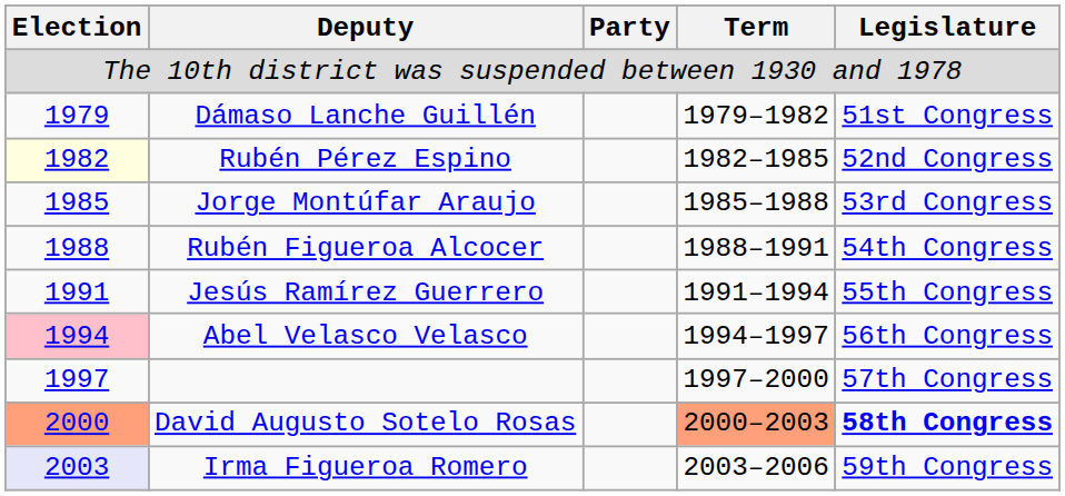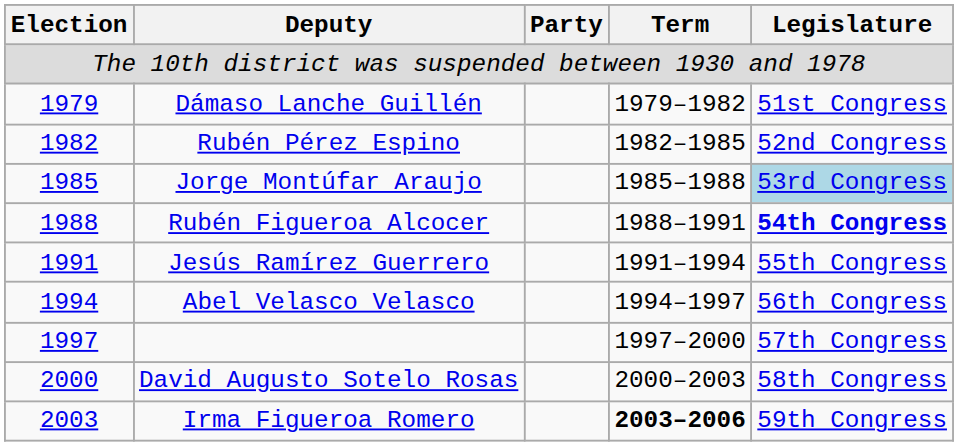 <table class="wikitable" style="text-align: center">
 <tr>
 <th>Election</th>
 <th>Deputy</th>
 <th>Party</th>
 <th>Term</th>
 <th>Legislature</th>
 </tr>
 <tr align=center style="background:Gainsboro;">
 <td colspan=5><em>The 10th district was suspended between 1930 and 1978</em></td>
 </tr>
 <tr>
 <td><a href='#'>1979</a></td>
 <td><a href='#'>Dámaso Lanche Guillén</a></td>
 <td></td>
 <td>1979–1982</td>
 <td><a href='#'>51st Congress</a></td>
 </tr>
 <tr>
-<td style="background: lightyellow;"><a href='#'>1982</a></td>
+<td><a href='#'>1982</a></td>
 <td><a href='#'>Rubén Pérez Espino</a></td>
 <td></td>
 <td>1982–1985</td>
 <td><a href='#'>52nd Congress</a></td>
 </tr>
 <tr>
 <td><a href='#'>1985</a></td>
 <td><a href='#'>Jorge Montúfar Araujo</a></td>
 <td></td>
 <td>1985–1988</td>
-<td><a href='#'>53rd Congress</a></td>
+<td style="background: lightblue;"><a href='#'>53rd Congress</a></td>
 </tr>
 <tr>
 <td><a href='#'>1988</a></td>
 <td><a href='#'>Rubén Figueroa Alcocer</a></td>
 <td></td>
 <td>1988–1991</td>
-<td><a href='#'>54th Congress</a></td>
+<td><strong><a href='#'>54th Congress</a></strong></td>
 </tr>
 <tr>
 <td><a href='#'>1991</a></td>
 <td><a href='#'>Jesús Ramírez Guerrero</a></td>
 <td></td>
 <td>1991–1994</td>
 <td><a href='#'>55th Congress</a></td>
 </tr>
 <tr>
-<td style="background: pink;"><a href='#'>1994</a></td>
+<td><a href='#'>1994</a></td>
 <td><a href='#'>Abel Velasco Velasco</a></td>
 <td></td>
 <td>1994–1997</td>
 <td><a href='#'>56th Congress</a></td>
 </tr>
 <tr>
 <td><a href='#'>1997</a></td>
 <td></td>
 <td></td>
 <td>1997–2000</td>
 <td><a href='#'>57th Congress</a></td>
 </tr>
 <tr>
-<td style="background: lightsalmon;"><a href='#'>2000</a></td>
+<td><a href='#'>2000</a></td>
 <td><a href='#'>David Augusto Sotelo Rosas</a></td>
 <td></td>
-<td style="background: lightsalmon;">2000–2003</td>
-<td><strong><a href='#'>58th Congress</a></strong></td>
+<td>2000–2003</td>
+<td><a href='#'>58th Congress</a></td>
 </tr>
 <tr>
-<td style="background: lavender;"><a href='#'>2003</a></td>
+<td><a href='#'>2003</a></td>
 <td><a href='#'>Irma Figueroa Romero</a></td>
 <td></td>
-<td>2003–2006</td>
+<td><strong>2003–2006</strong></td>
 <td><a href='#'>59th Congress</a></td>
 </tr>
 </table>
